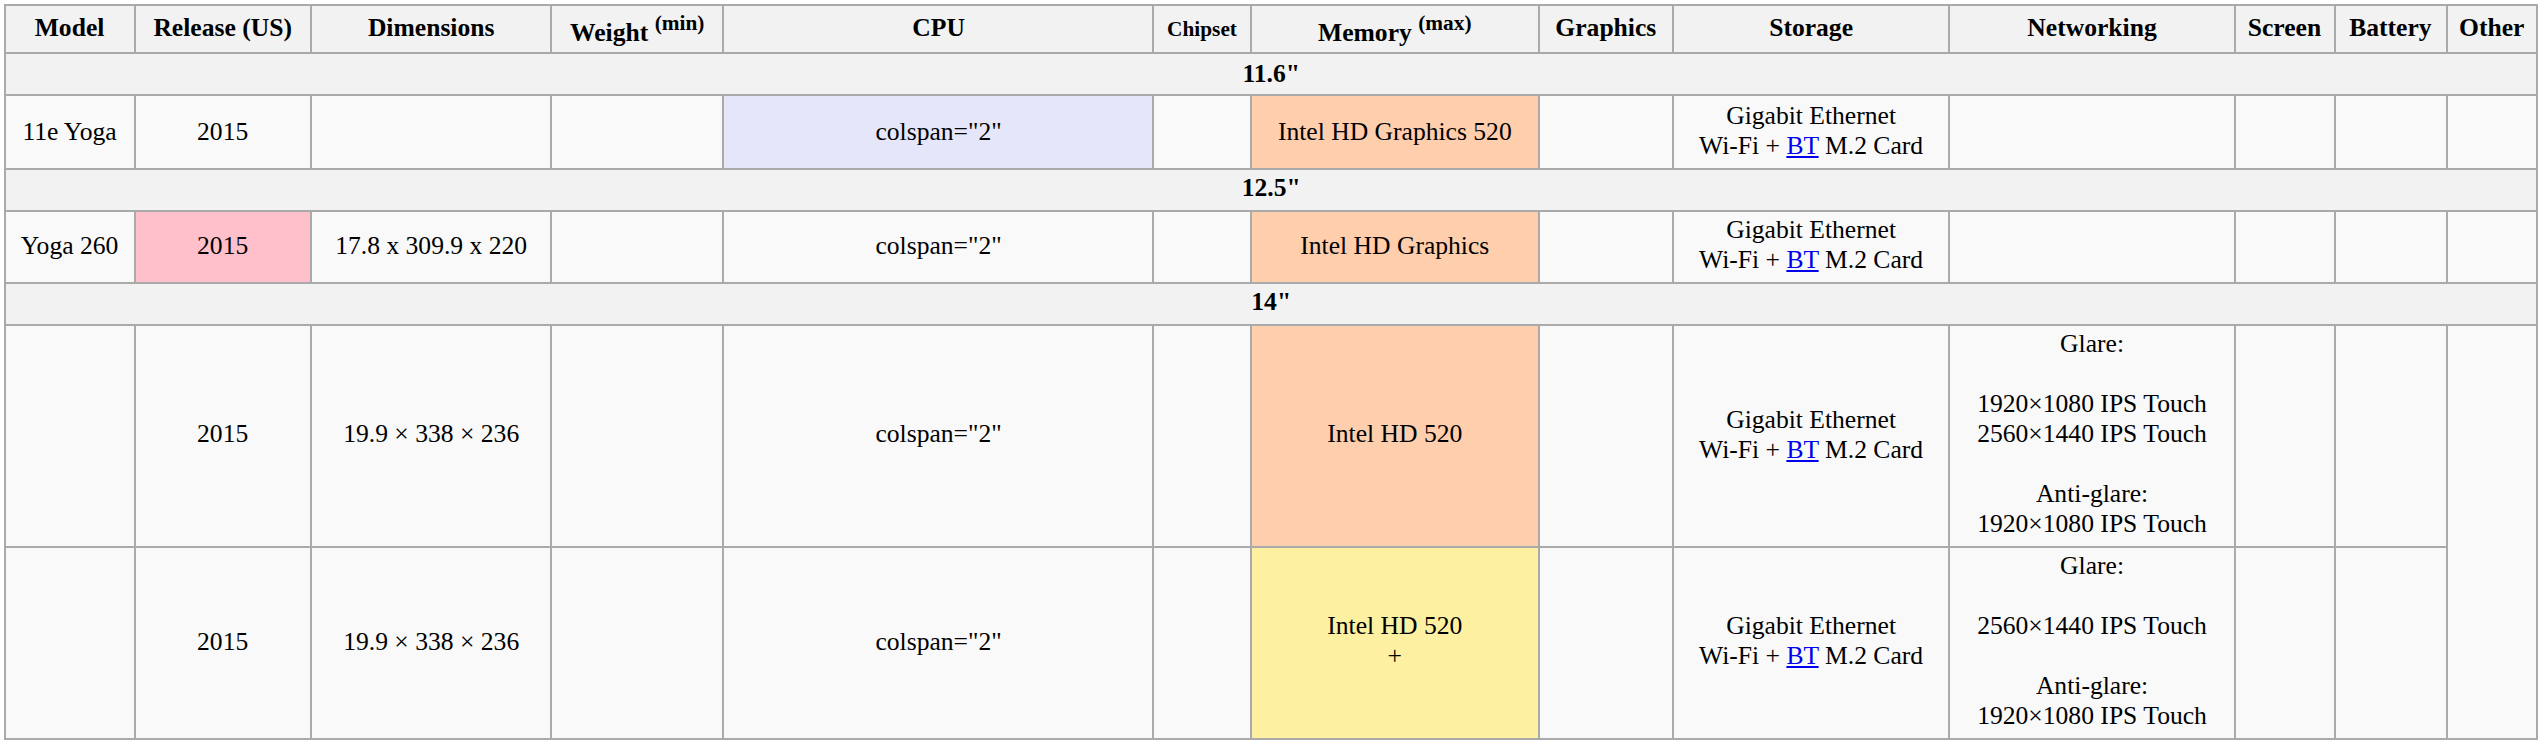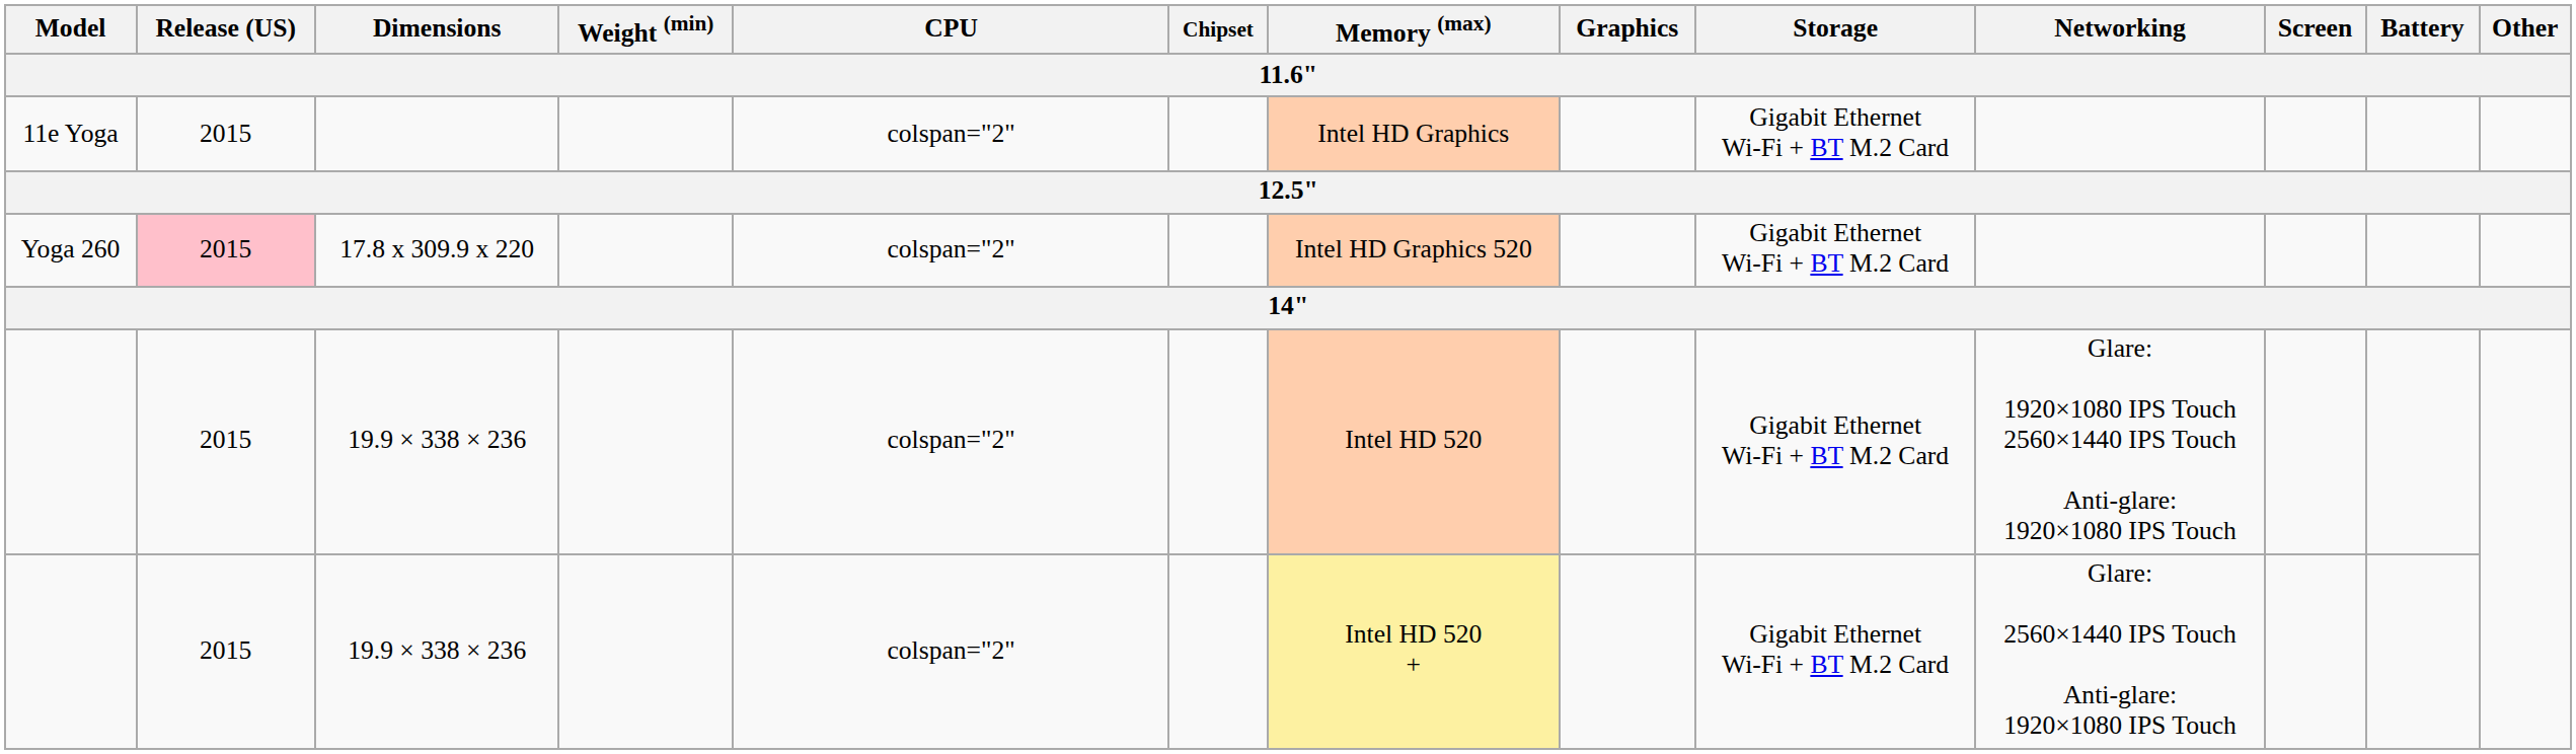 <table class="wikitable" style="font-size: 80%; text-align: center; min-width: 80%;">
 <tr>
 <th>Model</th>
 <th>Release (US)</th>
 <th>Dimensions</th>
 <th>Weight <sup>(min)</sup></th>
 <th style="width:17%">CPU</th>
 <th><small>Chipset</small></th>
 <th>Memory <sup>(max)</sup></th>
 <th>Graphics</th>
 <th>Storage</th>
 <th>Networking</th>
 <th>Screen</th>
 <th>Battery</th>
 <th>Other</th>
 </tr>
 <tr>
 <th colspan=13>11.6"</th>
 </tr>
 <tr>
 <td>11e Yoga </td>
 <td>2015</td>
 <td></td>
 <td></td>
-<td style="background: lavender;">colspan="2" </td>
+<td>colspan="2" </td>
 <td></td>
-<td style="background:#ffcead;">Intel HD Graphics 520</td>
+<td style="background:#ffcead;">Intel HD Graphics</td>
 <td></td>
 <td>Gigabit Ethernet<br>Wi-Fi + <a href='#'>BT</a> M.2 Card</td>
 <td></td>
 <td></td>
 <td><br></td>
 </tr>
 <tr>
 <th colspan=13>12.5"</th>
 </tr>
 <tr>
 <td>Yoga 260</td>
 <td style="background: pink;">2015</td>
 <td>17.8 x 309.9 x 220</td>
 <td></td>
 <td>colspan="2" </td>
 <td></td>
-<td style="background:#ffcead;">Intel HD Graphics</td>
+<td style="background:#ffcead;">Intel HD Graphics 520</td>
 <td></td>
 <td> Gigabit Ethernet<br>Wi-Fi + <a href='#'>BT</a> M.2 Card<br><small></small></td>
 <td></td>
 <td></td>
 <td></td>
 </tr>
 <tr>
 <th colspan="13">14"</th>
 </tr>
 <tr>
 <td></td>
 <td>2015</td>
 <td>19.9 × 338 × 236</td>
 <td></td>
 <td>colspan="2" </td>
 <td></td>
 <td style="background:#ffcead;">Intel HD 520</td>
 <td></td>
 <td> Gigabit Ethernet<br>Wi-Fi + <a href='#'>BT</a> M.2 Card<br><small></small></td>
 <td style="background:">Glare:<br><br>1920×1080 IPS Touch<br> 2560×1440 IPS Touch<br><br> Anti-glare:<br> 1920×1080 IPS Touch</td>
 <td></td>
 <td></td>
 </tr>
 <tr>
 <td></td>
 <td>2015</td>
 <td>19.9 × 338 × 236</td>
 <td></td>
 <td>colspan="2" </td>
 <td></td>
 <td style="background:#fdf1a1;">Intel HD 520<br>+ </td>
 <td></td>
 <td> Gigabit Ethernet<br>Wi-Fi + <a href='#'>BT</a> M.2 Card<br><small></small></td>
 <td style="background:">Glare:<br><br>2560×1440 IPS Touch<br><br> Anti-glare:<br> 1920×1080 IPS Touch</td>
 <td></td>
 <td></td>
 </tr>
 </table>
